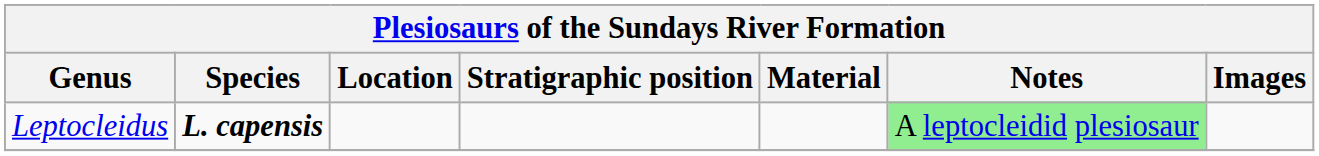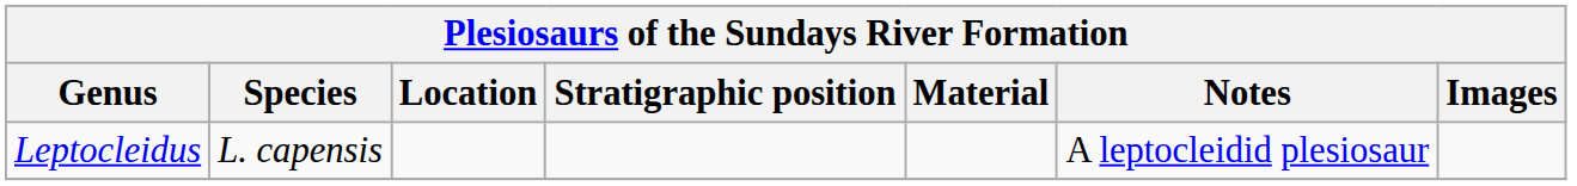 <table class="wikitable" align="center">
 <tr>
 <th colspan="7" align="center"><a href='#'>Plesiosaurs</a> of the Sundays River Formation</th>
 </tr>
 <tr>
 <th>Genus</th>
 <th>Species</th>
 <th>Location</th>
 <th>Stratigraphic position</th>
 <th>Material</th>
 <th>Notes</th>
 <th>Images</th>
 </tr>
 <tr>
 <td><em><a href='#'>Leptocleidus</a></em></td>
-<td><strong><em>L. capensis</em></strong></td>
+<td><em>L. capensis</em></td>
 <td></td>
 <td></td>
 <td></td>
-<td style="background: lightgreen;">A <a href='#'>leptocleidid</a> <a href='#'>plesiosaur</a></td>
+<td>A <a href='#'>leptocleidid</a> <a href='#'>plesiosaur</a></td>
 <td></td>
 </tr>
 <tr>
 </tr>
 </table>
